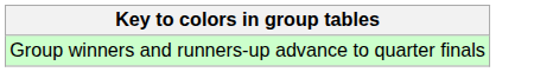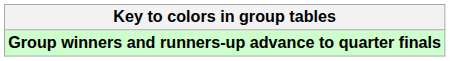 <table class="wikitable" border="1">
 <tr>
 <th>Key to colors in group tables</th>
 </tr>
 <tr style="background:#cfc;">
-<td>Group winners and runners-up advance to quarter finals</td>
+<td><strong>Group winners and runners-up advance to quarter finals</strong></td>
 </tr>
 </table>
